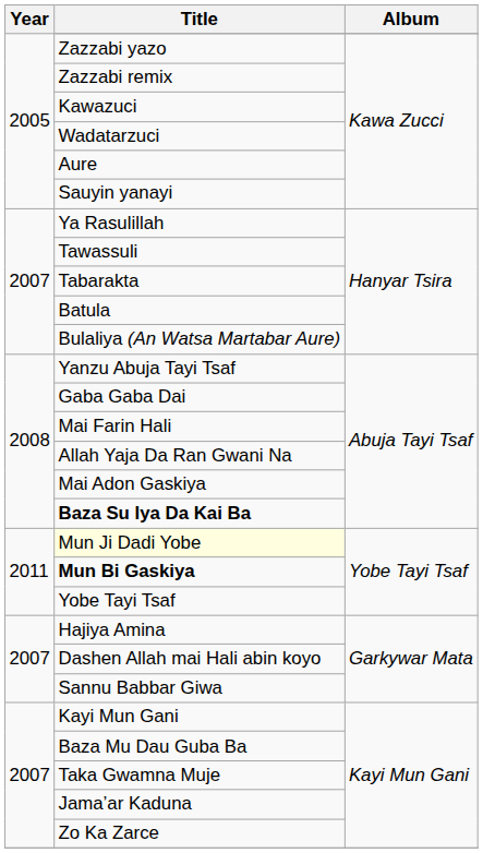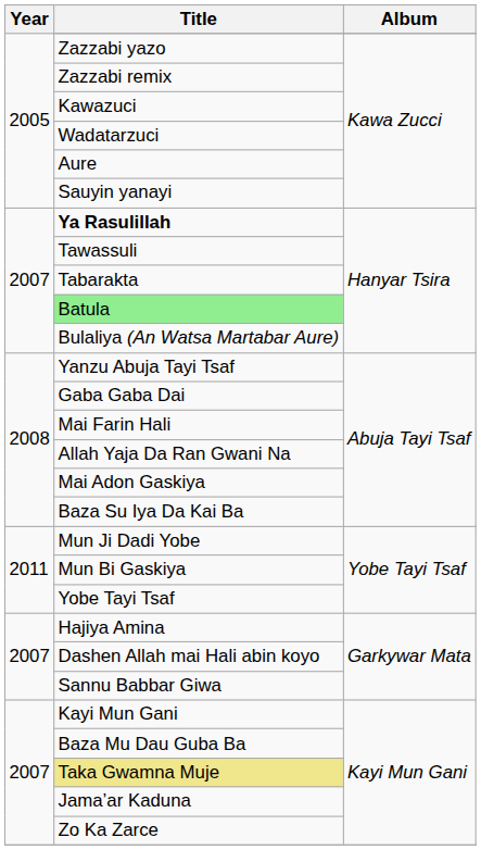 <table class="wikitable sortable">
 <tr>
 <th>Year</th>
 <th>Title</th>
 <th>Album</th>
 </tr>
 <tr>
 <td rowspan="7">2005</td>
 </tr>
 <tr>
 <td>Zazzabi yazo</td>
 <td rowspan="6"><em>Kawa Zucci</em></td>
 </tr>
 <tr>
 <td>Zazzabi remix</td>
 </tr>
 <tr>
 <td>Kawazuci</td>
 </tr>
 <tr>
 <td>Wadatarzuci</td>
 </tr>
 <tr>
 <td>Aure</td>
 </tr>
 <tr>
 <td>Sauyin yanayi</td>
 </tr>
 <tr>
 <td rowspan="5">2007</td>
-<td>Ya Rasulillah</td>
+<td><strong>Ya Rasulillah</strong></td>
 <td rowspan="5"><em>Hanyar Tsira</em></td>
 </tr>
 <tr>
 <td>Tawassuli</td>
 </tr>
 <tr>
 <td>Tabarakta</td>
 </tr>
 <tr>
-<td>Batula</td>
+<td style="background: lightgreen;">Batula</td>
 </tr>
 <tr>
 <td>Bulaliya <em>(An Watsa Martabar Aure)</em></td>
 </tr>
 <tr>
 <td rowspan="6">2008</td>
 <td>Yanzu Abuja Tayi Tsaf</td>
 <td rowspan="6"><em>Abuja Tayi Tsaf</em></td>
 </tr>
 <tr>
 <td>Gaba Gaba Dai</td>
 </tr>
 <tr>
 <td>Mai Farin Hali</td>
 </tr>
 <tr>
 <td>Allah Yaja Da Ran Gwani Na</td>
 </tr>
 <tr>
 <td>Mai Adon Gaskiya</td>
 </tr>
 <tr>
-<td><strong>Baza Su Iya Da Kai Ba</strong></td>
+<td>Baza Su Iya Da Kai Ba</td>
 </tr>
 <tr>
 <td rowspan="3">2011</td>
-<td style="background: lightyellow;">Mun Ji Dadi Yobe</td>
+<td>Mun Ji Dadi Yobe</td>
 <td rowspan="3"><em>Yobe Tayi Tsaf</em></td>
 </tr>
 <tr>
-<td><strong>Mun Bi Gaskiya</strong></td>
+<td>Mun Bi Gaskiya</td>
 </tr>
 <tr>
 <td>Yobe Tayi Tsaf</td>
 </tr>
 <tr>
 <td rowspan="3">2007</td>
 <td>Hajiya Amina</td>
 <td rowspan="3"><em>Garkywar Mata</em></td>
 </tr>
 <tr>
 <td>Dashen Allah mai Hali abin koyo</td>
 </tr>
 <tr>
 <td>Sannu Babbar Giwa</td>
 </tr>
 <tr>
 <td rowspan="5">2007</td>
 <td>Kayi Mun Gani</td>
 <td rowspan="5"><em>Kayi Mun Gani</em></td>
 </tr>
 <tr>
 <td>Baza Mu Dau Guba Ba</td>
 </tr>
 <tr>
-<td>Taka Gwamna Muje</td>
+<td style="background: khaki;">Taka Gwamna Muje</td>
 </tr>
 <tr>
 <td>Jama’ar Kaduna</td>
 </tr>
 <tr>
 <td>Zo Ka Zarce</td>
 </tr>
 <tr>
 </tr>
 </table>
